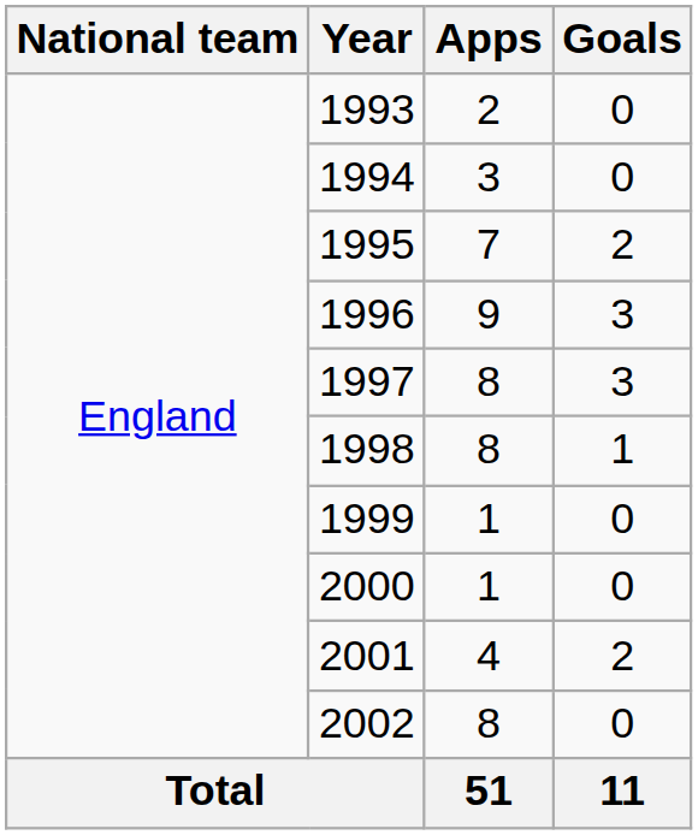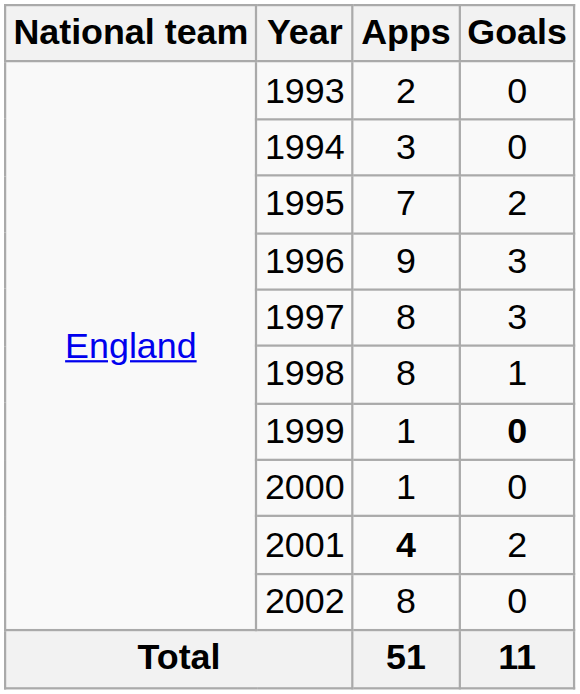 <table class="wikitable" style="text-align:center">
 <tr>
 <th>National team</th>
 <th>Year</th>
 <th>Apps</th>
 <th>Goals</th>
 </tr>
 <tr>
 <td rowspan="10"><a href='#'>England</a></td>
 <td>1993</td>
 <td>2</td>
 <td>0</td>
 </tr>
 <tr>
 <td>1994</td>
 <td>3</td>
 <td>0</td>
 </tr>
 <tr>
 <td>1995</td>
 <td>7</td>
 <td>2</td>
 </tr>
 <tr>
 <td>1996</td>
 <td>9</td>
 <td>3</td>
 </tr>
 <tr>
 <td>1997</td>
 <td>8</td>
 <td>3</td>
 </tr>
 <tr>
 <td>1998</td>
 <td>8</td>
 <td>1</td>
 </tr>
 <tr>
 <td>1999</td>
 <td>1</td>
-<td>0</td>
+<td><strong>0</strong></td>
 </tr>
 <tr>
 <td>2000</td>
 <td>1</td>
 <td>0</td>
 </tr>
 <tr>
 <td>2001</td>
-<td>4</td>
+<td><strong>4</strong></td>
 <td>2</td>
 </tr>
 <tr>
 <td>2002</td>
 <td>8</td>
 <td>0</td>
 </tr>
 <tr>
 <th colspan="2">Total</th>
 <th>51</th>
 <th>11</th>
 </tr>
 </table>
